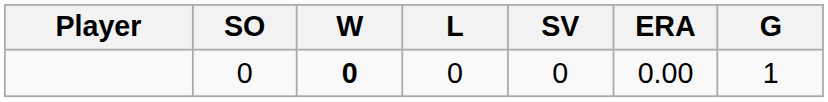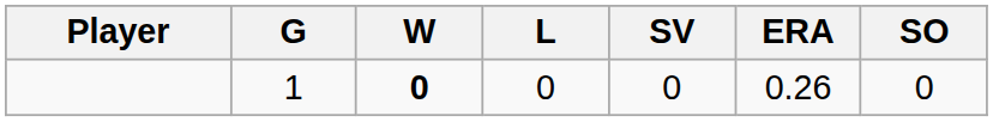 <table class="wikitable sortable">
 <tr>
 <th bgcolor="#DDDDFF" width="16%">Player</th>
-<th bgcolor="#DDDDFF" width="9%">SO</th>
+<th bgcolor="#DDDDFF" width="9%">G</th>
 <th bgcolor="#DDDDFF" width="9%">W</th>
 <th bgcolor="#DDDDFF" width="9%">L</th>
 <th bgcolor="#DDDDFF" width="9%">SV</th>
 <th bgcolor="#DDDDFF" width="9%">ERA</th>
-<th bgcolor="#DDDDFF" width="9%">G</th>
+<th bgcolor="#DDDDFF" width="9%">SO</th>
 </tr>
 <tr align="center">
 <td></td>
-<td>0</td>
+<td>1</td>
 <td><strong>0</strong></td>
 <td>0</td>
 <td>0</td>
-<td>0.00</td>
-<td>1</td>
+<td>0.26</td>
+<td>0</td>
 </tr>
 </table>
